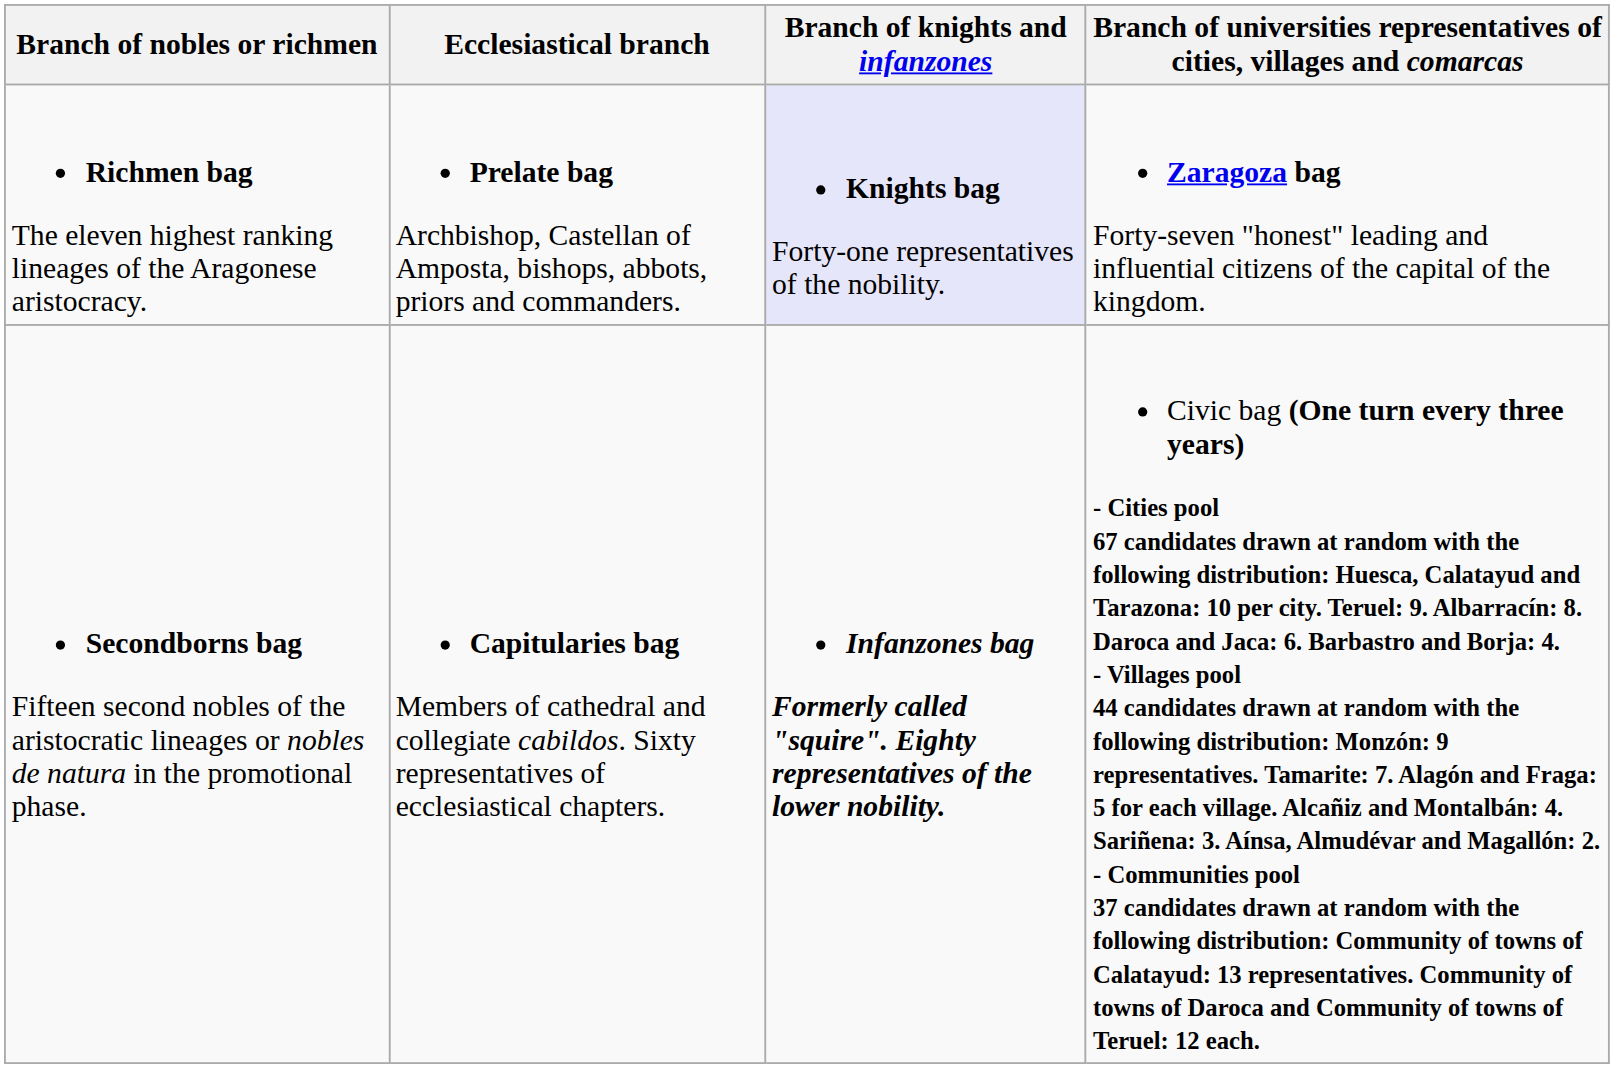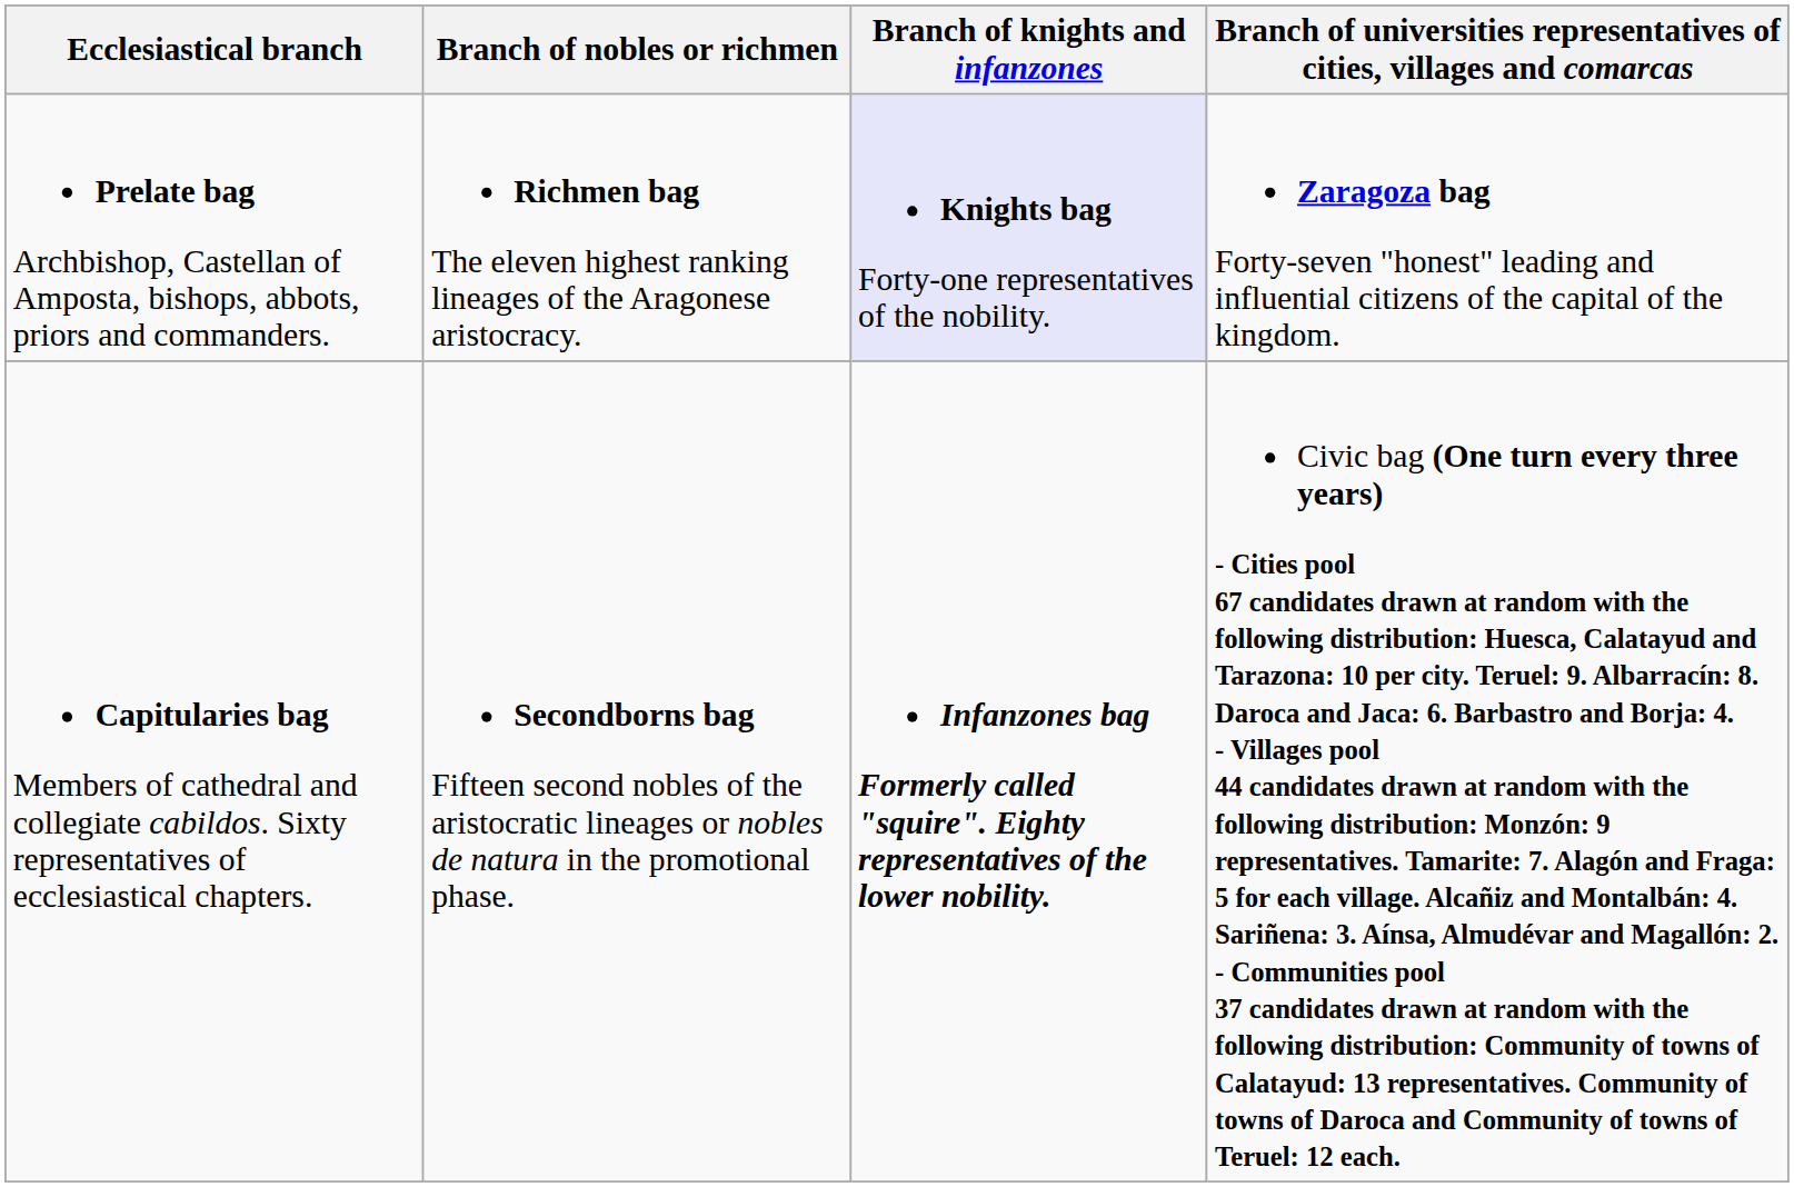 <table class="wikitable">
 <tr>
+<th>Ecclesiastical branch</th>
 <th>Branch of nobles or richmen</th>
-<th>Ecclesiastical branch</th>
 <th>Branch of knights and <a href='#'><em>infanzones</em></a></th>
 <th>Branch of universities representatives of cities, villages and <em>comarcas</em></th>
 </tr>
 <tr>
+<td><br><ul><li><strong>Prelate bag</strong></li></ul>Archbishop, Castellan of Amposta, bishops, abbots, priors and commanders.</td>
 <td><br><ul><li><strong>Richmen bag</strong></li></ul>The eleven highest ranking lineages of the Aragonese aristocracy.</td>
-<td><br><ul><li><strong>Prelate bag</strong></li></ul>Archbishop, Castellan of Amposta, bishops, abbots, priors and commanders.</td>
 <td style="background: lavender;"><br><ul><li><strong>Knights bag</strong></li></ul>Forty-one representatives of the nobility.</td>
 <td><br><ul><li><strong><a href='#'>Zaragoza</a> bag</strong></li></ul>Forty-seven "honest" leading and influential citizens of the capital of the kingdom.</td>
 </tr>
 <tr>
+<td><br><ul><li><strong>Capitularies bag</strong></li></ul>Members of cathedral and collegiate <em>cabildos</em>. Sixty representatives of ecclesiastical chapters.</td>
 <td><br><ul><li><strong>Secondborns bag</strong></li></ul>Fifteen second nobles of the aristocratic lineages or <em>nobles de natura</em> in the promotional phase.</td>
-<td><br><ul><li><strong>Capitularies bag</strong></li></ul>Members of cathedral and collegiate <em>cabildos</em>. Sixty representatives of ecclesiastical chapters.</td>
 <td><br><ul><li><strong><em>Infanzones<em> bag<strong></li></ul>Formerly called "squire". Eighty representatives of the lower nobility.</td>
 <td><br><ul><li></strong>Civic bag<strong> (One turn every three years)</li></ul><small>- Cities pool</small><br><small>67 candidates drawn at random with the following distribution: Huesca, Calatayud and Tarazona: 10 per city. Teruel: 9. Albarracín: 8. Daroca and Jaca: 6. Barbastro and Borja: 4.</small><br><small>- Villages pool</small><br><small>44 candidates drawn at random with the following distribution: Monzón: 9 representatives. Tamarite: 7. Alagón and Fraga: 5 for each village. Alcañiz and Montalbán: 4. Sariñena: 3. Aínsa, Almudévar and Magallón: 2.</small><br><small>- Communities pool</small><br><small>37 candidates drawn at random with the following distribution: Community of towns of Calatayud: 13 representatives. Community of towns of Daroca and Community of towns of Teruel: 12 each.</small></td>
 </tr>
 </table>
